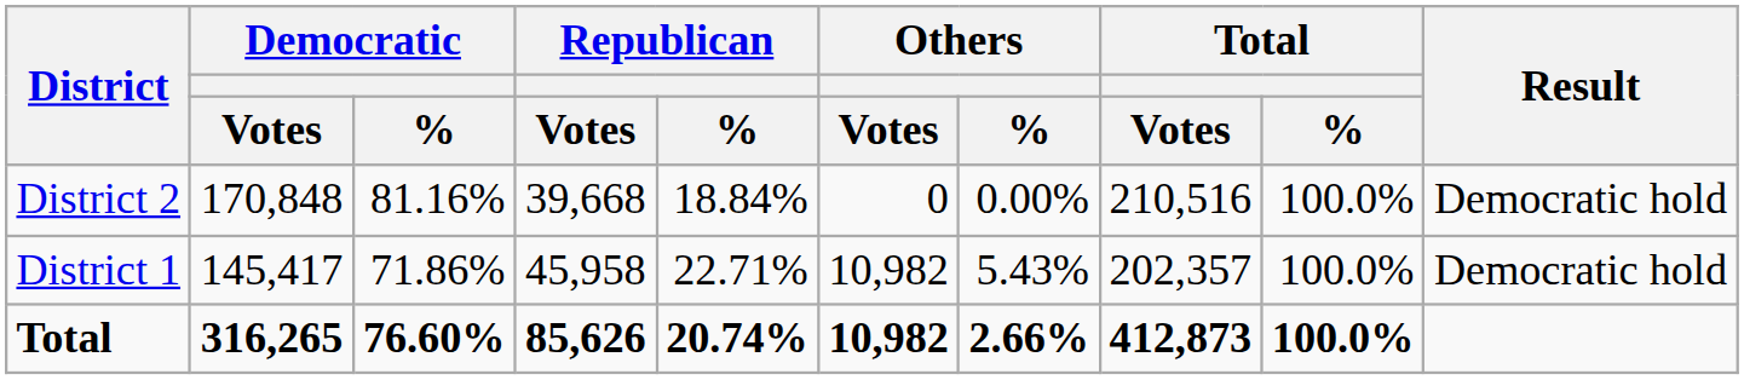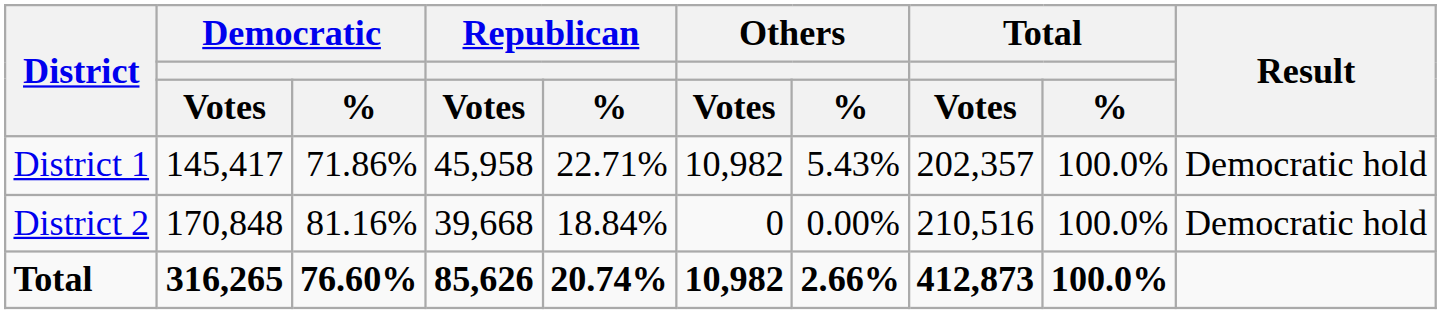 <table class="wikitable plainrowheaders sortable" style="font-size:100%; text-align:right;">
 <tr>
 <th scope=col rowspan=3><a href='#'>District</a></th>
 <th scope=col colspan=2><a href='#'>Democratic</a></th>
 <th scope=col colspan=2><a href='#'>Republican</a></th>
 <th scope=col colspan=2>Others</th>
 <th scope=col colspan=2>Total</th>
 <th scope=col rowspan=3>Result</th>
 </tr>
 <tr>
 <th scope=col colspan=2 style="background:"></th>
 <th scope=col colspan=2 style="background:"></th>
 <th scope=col colspan=2></th>
 <th scope=col colspan=2></th>
 </tr>
 <tr>
 <th scope=col data-sort-type="number">Votes</th>
 <th scope=col data-sort-type="number">%</th>
 <th scope=col data-sort-type="number">Votes</th>
 <th scope=col data-sort-type="number">%</th>
 <th scope=col data-sort-type="number">Votes</th>
 <th scope=col data-sort-type="number">%</th>
 <th scope=col data-sort-type="number">Votes</th>
 <th scope=col data-sort-type="number">%</th>
 </tr>
 <tr>
+<td align=left><a href='#'>District 1</a></td>
+<td>145,417</td>
+<td>71.86%</td>
+<td>45,958</td>
+<td>22.71%</td>
+<td>10,982</td>
+<td>5.43%</td>
+<td>202,357</td>
+<td>100.0%</td>
+<td align=left>Democratic hold</td>
+</tr>
+<tr>
 <td align=left><a href='#'>District 2</a></td>
 <td>170,848</td>
 <td>81.16%</td>
 <td>39,668</td>
 <td>18.84%</td>
 <td>0</td>
 <td>0.00%</td>
 <td>210,516</td>
-<td>100.0%</td>
-<td align=left>Democratic hold</td>
-</tr>
-<tr>
-<td align=left><a href='#'>District 1</a></td>
-<td>145,417</td>
-<td>71.86%</td>
-<td>45,958</td>
-<td>22.71%</td>
-<td>10,982</td>
-<td>5.43%</td>
-<td>202,357</td>
 <td>100.0%</td>
 <td align=left>Democratic hold</td>
 </tr>
 <tr class="sortbottom" style="font-weight:bold">
 <td align=left>Total</td>
 <td>316,265</td>
 <td>76.60%</td>
 <td>85,626</td>
 <td>20.74%</td>
 <td>10,982</td>
 <td>2.66%</td>
 <td>412,873</td>
 <td>100.0%</td>
 <td></td>
 </tr>
 </table>
